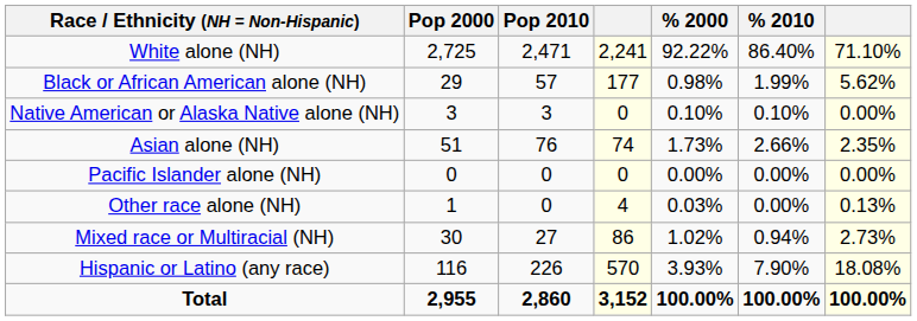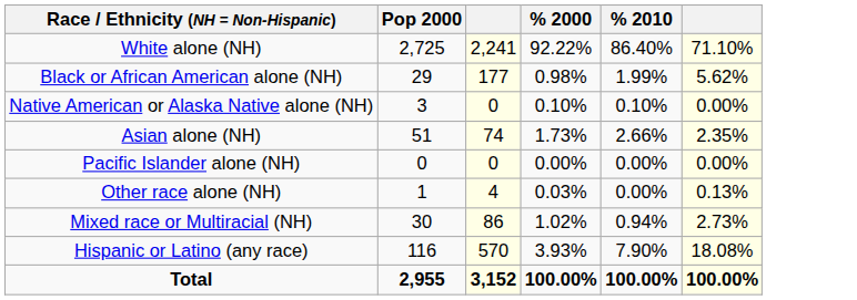 <table class="wikitable" style="text-align:center;">
 <tr>
 <th>Race / Ethnicity <small>(<em>NH = Non-Hispanic</em>)</small></th>
 <th>Pop 2000</th>
-<th>Pop 2010</th>
 <th></th>
 <th>% 2000</th>
 <th>% 2010</th>
 <th></th>
 </tr>
 <tr>
 <td><a href='#'>White</a> alone (NH)</td>
 <td>2,725</td>
-<td>2,471</td>
 <td style='background: #ffffe6;'>2,241</td>
 <td>92.22%</td>
 <td>86.40%</td>
 <td style='background: #ffffe6;'>71.10%</td>
 </tr>
 <tr>
 <td><a href='#'>Black or African American</a> alone (NH)</td>
 <td>29</td>
-<td>57</td>
 <td style='background: #ffffe6;'>177</td>
 <td>0.98%</td>
 <td>1.99%</td>
 <td style='background: #ffffe6;'>5.62%</td>
 </tr>
 <tr>
 <td><a href='#'>Native American</a> or <a href='#'>Alaska Native</a> alone (NH)</td>
-<td>3</td>
 <td>3</td>
 <td style='background: #ffffe6;'>0</td>
 <td>0.10%</td>
 <td>0.10%</td>
 <td style='background: #ffffe6;'>0.00%</td>
 </tr>
 <tr>
 <td><a href='#'>Asian</a> alone (NH)</td>
 <td>51</td>
-<td>76</td>
 <td style='background: #ffffe6;'>74</td>
 <td>1.73%</td>
 <td>2.66%</td>
 <td style='background: #ffffe6;'>2.35%</td>
 </tr>
 <tr>
 <td><a href='#'>Pacific Islander</a> alone (NH)</td>
-<td>0</td>
 <td>0</td>
 <td style='background: #ffffe6;'>0</td>
 <td>0.00%</td>
 <td>0.00%</td>
 <td style='background: #ffffe6;'>0.00%</td>
 </tr>
 <tr>
 <td><a href='#'>Other race</a> alone (NH)</td>
 <td>1</td>
-<td>0</td>
 <td style='background: #ffffe6;'>4</td>
 <td>0.03%</td>
 <td>0.00%</td>
 <td style='background: #ffffe6;'>0.13%</td>
 </tr>
 <tr>
 <td><a href='#'>Mixed race or Multiracial</a> (NH)</td>
 <td>30</td>
-<td>27</td>
 <td style='background: #ffffe6;'>86</td>
 <td>1.02%</td>
 <td>0.94%</td>
 <td style='background: #ffffe6;'>2.73%</td>
 </tr>
 <tr>
 <td><a href='#'>Hispanic or Latino</a> (any race)</td>
 <td>116</td>
-<td>226</td>
 <td style='background: #ffffe6;'>570</td>
 <td>3.93%</td>
 <td>7.90%</td>
 <td style='background: #ffffe6;'>18.08%</td>
 </tr>
 <tr>
 <td><strong>Total</strong></td>
 <td><strong>2,955</strong></td>
-<td><strong>2,860</strong></td>
 <td style='background: #ffffe6;'><strong>3,152</strong></td>
 <td><strong>100.00%</strong></td>
 <td><strong>100.00%</strong></td>
 <td style='background: #ffffe6;'><strong>100.00%</strong></td>
 </tr>
 </table>
